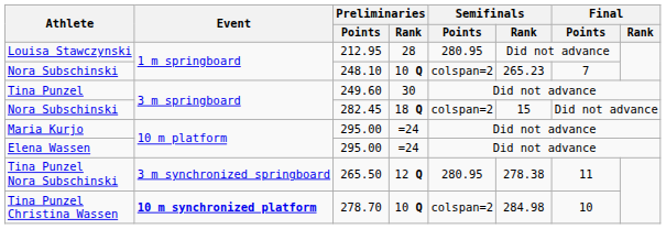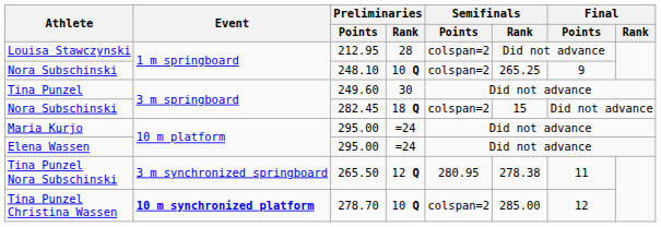 <table class=wikitable style="font-size:90%;">
 <tr>
 <th rowspan="2">Athlete</th>
 <th rowspan="2">Event</th>
 <th colspan="2">Preliminaries</th>
 <th colspan="2">Semifinals</th>
 <th colspan="2">Final</th>
 </tr>
 <tr style="font-size:95%">
 <th>Points</th>
 <th>Rank</th>
 <th>Points</th>
 <th>Rank</th>
 <th>Points</th>
 <th>Rank</th>
 </tr>
 <tr align=center>
 <td align=left><a href='#'>Louisa Stawczynski</a></td>
 <td align=left rowspan=2><a href='#'>1 m springboard</a></td>
 <td>212.95</td>
 <td>28</td>
-<td>280.95</td>
+<td>colspan=2 </td>
 <td colspan=2>Did not advance</td>
 </tr>
 <tr align=center>
 <td align=left><a href='#'>Nora Subschinski</a></td>
 <td>248.10</td>
 <td>10 <strong>Q</strong></td>
 <td>colspan=2 </td>
-<td>265.23</td>
-<td>7</td>
+<td>265.25</td>
+<td>9</td>
 </tr>
 <tr align=center>
 <td align=left><a href='#'>Tina Punzel</a></td>
 <td align=left rowspan=2><a href='#'>3 m springboard</a></td>
 <td>249.60</td>
 <td>30</td>
 <td colspan=4>Did not advance</td>
 </tr>
 <tr align=center>
 <td align=left><a href='#'>Nora Subschinski</a></td>
 <td>282.45</td>
 <td>18 <strong>Q</strong></td>
 <td>colspan=2 </td>
 <td>15</td>
 <td colspan=2>Did not advance</td>
 </tr>
 <tr align=center>
 <td align=left><a href='#'>Maria Kurjo</a></td>
 <td align=left rowspan=2><a href='#'>10 m platform</a></td>
 <td>295.00</td>
 <td>=24</td>
 <td colspan=4>Did not advance</td>
 </tr>
 <tr align=center>
 <td align=left><a href='#'>Elena Wassen</a></td>
 <td>295.00</td>
 <td>=24</td>
 <td colspan=4>Did not advance</td>
 </tr>
 <tr align=center>
 <td align=left><a href='#'>Tina Punzel</a><br><a href='#'>Nora Subschinski</a></td>
 <td align=left><a href='#'>3 m synchronized springboard</a></td>
 <td>265.50</td>
 <td>12 <strong>Q</strong></td>
 <td>280.95</td>
 <td>278.38</td>
 <td>11</td>
 </tr>
 <tr align=center>
 <td align=left><a href='#'>Tina Punzel</a><br><a href='#'>Christina Wassen</a></td>
 <td align=left><strong><a href='#'>10 m synchronized platform</a></strong></td>
 <td>278.70</td>
 <td>10 <strong>Q</strong></td>
 <td>colspan=2 </td>
-<td>284.98</td>
-<td>10</td>
+<td>285.00</td>
+<td>12</td>
 </tr>
 </table>
